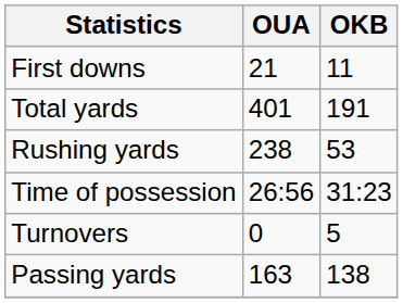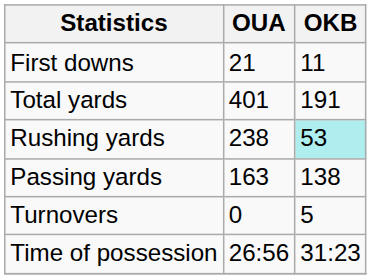 <table class="wikitable" style="float: left;">
 <tr>
 <th>Statistics</th>
 <th>OUA</th>
 <th>OKB</th>
 </tr>
 <tr>
 <td>First downs</td>
 <td>21</td>
 <td>11</td>
 </tr>
 <tr>
 <td>Total yards</td>
 <td>401</td>
 <td>191</td>
 </tr>
 <tr>
 <td>Rushing yards</td>
 <td>238</td>
-<td>53</td>
+<td style="background: paleturquoise;">53</td>
+</tr>
+<tr>
+<td>Passing yards</td>
+<td>163</td>
+<td>138</td>
+</tr>
+<tr>
+<td>Turnovers</td>
+<td>0</td>
+<td>5</td>
 </tr>
 <tr>
 <td>Time of possession</td>
 <td>26:56</td>
 <td>31:23</td>
 </tr>
 <tr>
-<td>Turnovers</td>
-<td>0</td>
-<td>5</td>
-</tr>
-<tr>
-<td>Passing yards</td>
-<td>163</td>
-<td>138</td>
-</tr>
-<tr>
 </tr>
 </table>
